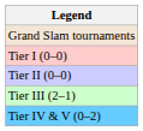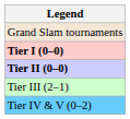 <table class="wikitable sortable mw-collapsible mw-collapsed">
 <tr>
 <th>Legend</th>
 </tr>
 <tr>
 <td align=center colspan=2 style="background:#f3e6d7;">Grand Slam tournaments</td>
 </tr>
 <tr>
-<td bgcolor=#ffcccc>Tier I (0–0)</td>
+<td bgcolor=#ffcccc><strong>Tier I (0–0)</strong></td>
 </tr>
 <tr>
-<td bgcolor=#ccccff>Tier II (0–0)</td>
+<td bgcolor=#ccccff><strong>Tier II (0–0)</strong></td>
 </tr>
 <tr>
 <td bgcolor=#CCFFCC>Tier III (2–1)</td>
 </tr>
 <tr>
 <td bgcolor=#66CCFF>Tier IV & V (0–2)</td>
 </tr>
 </table>
